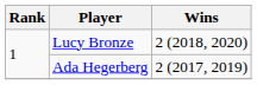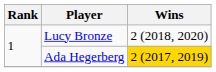 <table class="wikitable">
 <tr>
 <th>Rank</th>
 <th>Player</th>
 <th>Wins</th>
 </tr>
 <tr>
 <td rowspan=2>1</td>
 <td> <a href='#'>Lucy Bronze</a></td>
 <td>2 (2018, 2020)</td>
 </tr>
 <tr>
 <td> <a href='#'>Ada Hegerberg</a></td>
-<td>2 (2017, 2019)</td>
+<td style="background: gold;">2 (2017, 2019)</td>
 </tr>
 <tr>
 </tr>
 </table>
